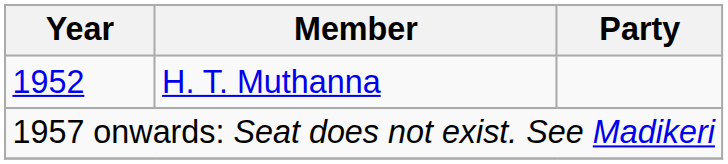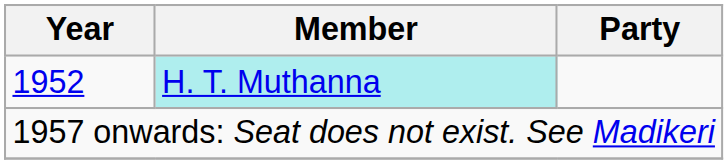 <table class="wikitable sortable">
 <tr>
 <th>Year</th>
 <th>Member</th>
 <th colspan="2">Party</th>
 </tr>
 <tr>
 <td><a href='#'>1952</a></td>
-<td><a href='#'>H. T. Muthanna</a></td>
+<td style="background: paleturquoise;"><a href='#'>H. T. Muthanna</a></td>
 <td></td>
 </tr>
 <tr>
 <td colspan=5 align=center>1957 onwards: <em>Seat does not exist. See <a href='#'>Madikeri</a></em></td>
 </tr>
 <tr>
 </tr>
 </table>
